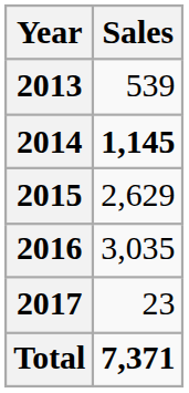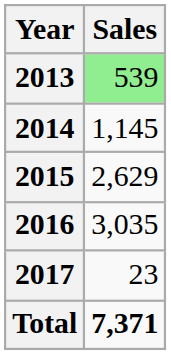 <table class="wikitable mw-collapsible collapsed floatleft" style="font-size:85%;text-align:right;">
 <tr>
 <th>Year</th>
 <th>Sales</th>
 </tr>
 <tr>
 <th>2013</th>
-<td>539</td>
+<td style="background: lightgreen;">539</td>
 </tr>
 <tr>
 <th>2014</th>
-<td><strong>1,145</strong></td>
+<td>1,145</td>
 </tr>
 <tr>
 <th>2015</th>
 <td>2,629</td>
 </tr>
 <tr>
 <th>2016</th>
 <td>3,035</td>
 </tr>
 <tr>
 <th>2017</th>
 <td>23</td>
 </tr>
 <tr>
 <th>Total</th>
 <td><strong>7,371</strong></td>
 </tr>
 </table>
